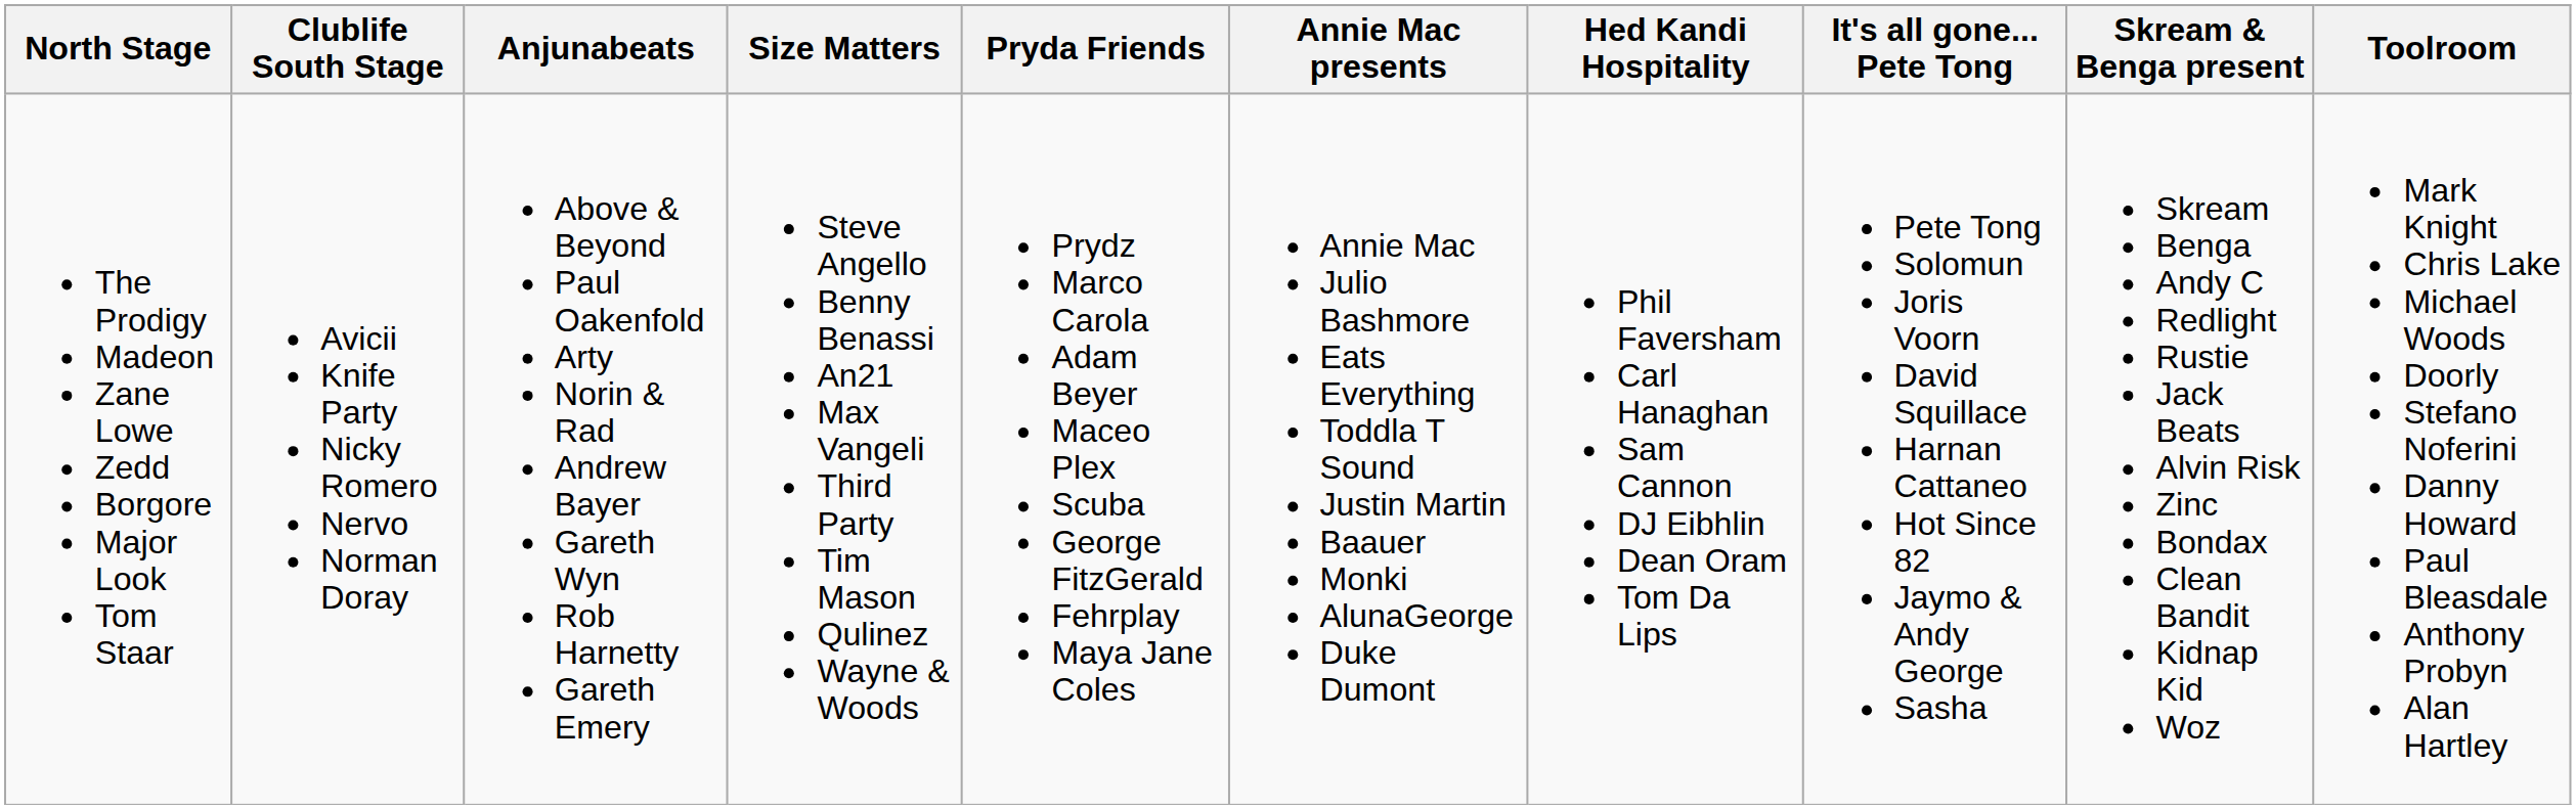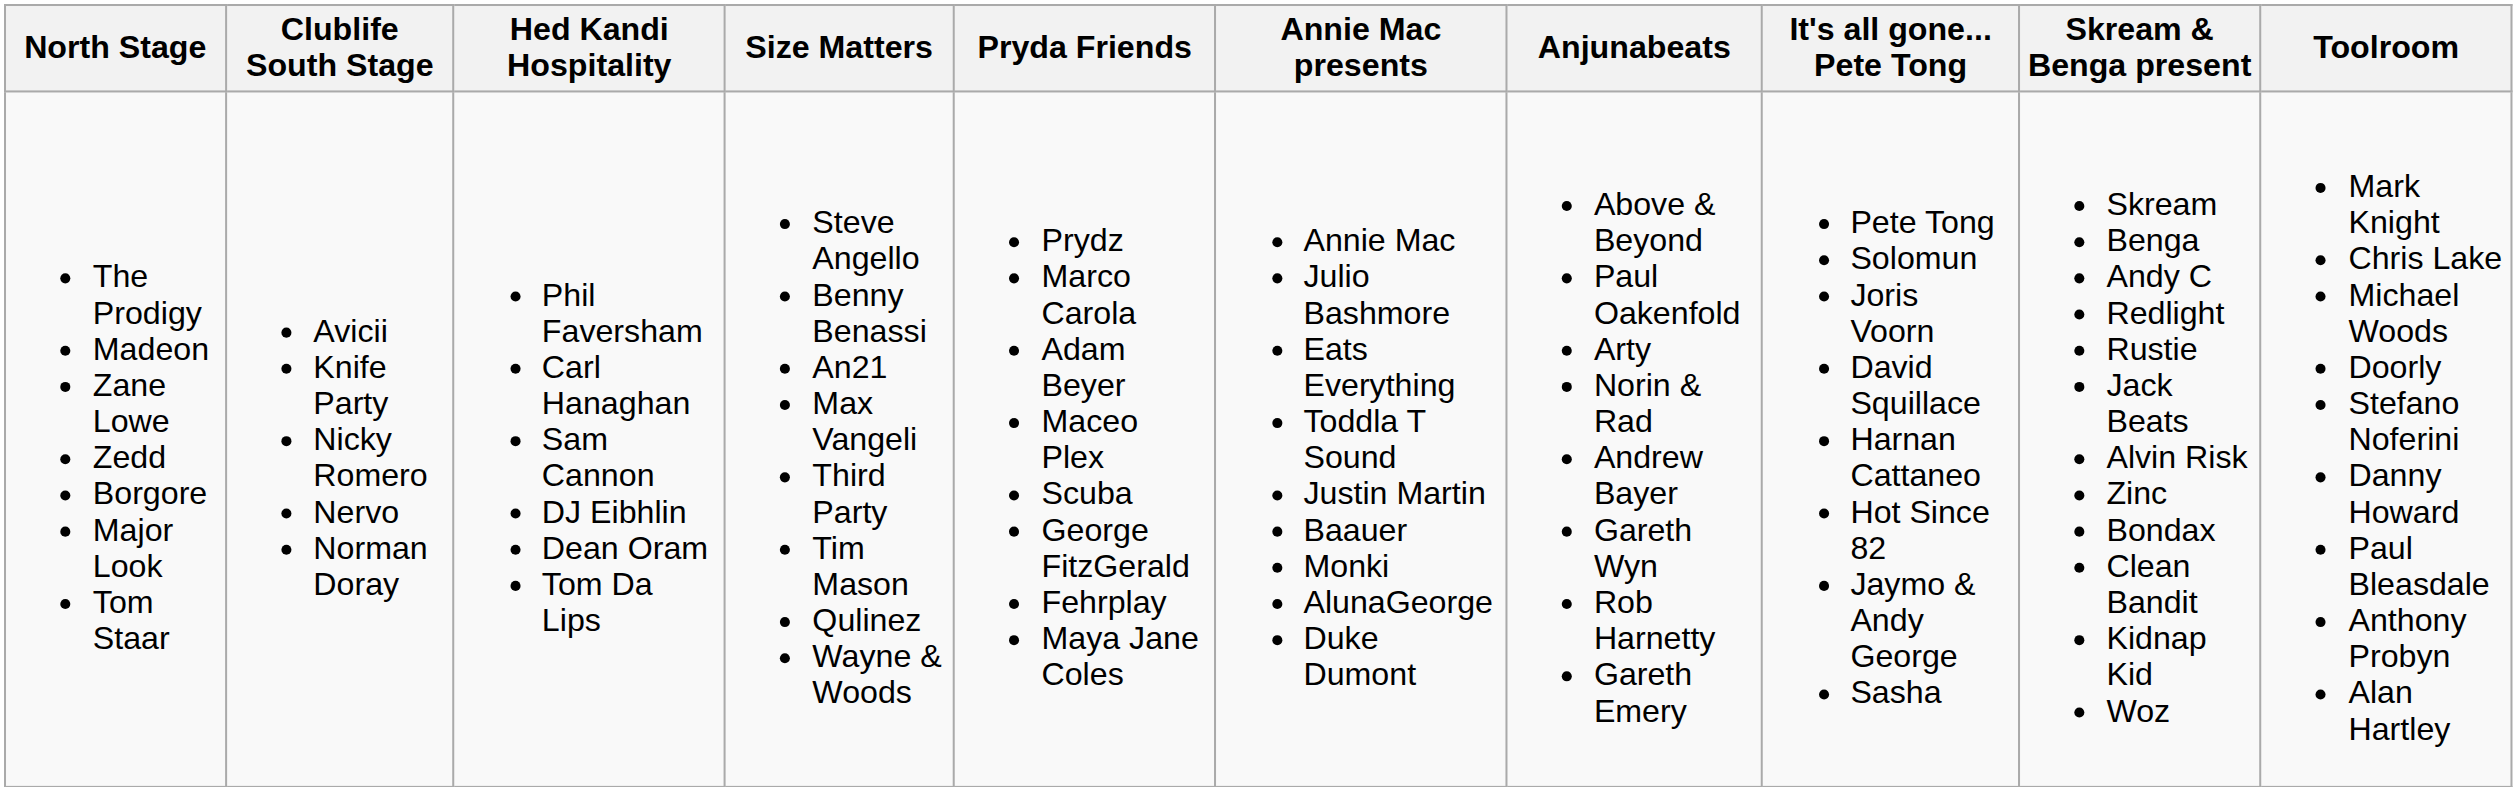 <table class="wikitable">
 <tr>
 <th>North Stage</th>
 <th>Clublife South Stage</th>
-<th>Anjunabeats</th>
+<th>Hed Kandi Hospitality</th>
 <th>Size Matters</th>
 <th>Pryda Friends</th>
 <th>Annie Mac presents</th>
-<th>Hed Kandi Hospitality</th>
+<th>Anjunabeats</th>
 <th>It's all gone... Pete Tong</th>
 <th>Skream & Benga present</th>
 <th>Toolroom</th>
 </tr>
 <tr>
 <td><br><ul><li>The Prodigy</li><li>Madeon</li><li>Zane Lowe</li><li>Zedd</li><li>Borgore</li><li>Major Look</li><li>Tom Staar</li></ul></td>
 <td><br><ul><li>Avicii</li><li>Knife Party</li><li>Nicky Romero</li><li>Nervo</li><li>Norman Doray</li></ul></td>
-<td><br><ul><li>Above & Beyond</li><li>Paul Oakenfold</li><li>Arty</li><li>Norin & Rad</li><li>Andrew Bayer</li><li>Gareth Wyn</li><li>Rob Harnetty</li><li>Gareth Emery</li></ul></td>
+<td><br><ul><li>Phil Faversham</li><li>Carl Hanaghan</li><li>Sam Cannon</li><li>DJ Eibhlin</li><li>Dean Oram</li><li>Tom Da Lips</li></ul></td>
 <td><br><ul><li>Steve Angello</li><li>Benny Benassi</li><li>An21</li><li>Max Vangeli</li><li>Third Party</li><li>Tim Mason</li><li>Qulinez</li><li>Wayne & Woods</li></ul></td>
 <td><br><ul><li>Prydz</li><li>Marco Carola</li><li>Adam Beyer</li><li>Maceo Plex</li><li>Scuba</li><li>George FitzGerald</li><li>Fehrplay</li><li>Maya Jane Coles</li></ul></td>
 <td><br><ul><li>Annie Mac</li><li>Julio Bashmore</li><li>Eats Everything</li><li>Toddla T Sound</li><li>Justin Martin</li><li>Baauer</li><li>Monki</li><li>AlunaGeorge</li><li>Duke Dumont</li></ul></td>
-<td><br><ul><li>Phil Faversham</li><li>Carl Hanaghan</li><li>Sam Cannon</li><li>DJ Eibhlin</li><li>Dean Oram</li><li>Tom Da Lips</li></ul></td>
+<td><br><ul><li>Above & Beyond</li><li>Paul Oakenfold</li><li>Arty</li><li>Norin & Rad</li><li>Andrew Bayer</li><li>Gareth Wyn</li><li>Rob Harnetty</li><li>Gareth Emery</li></ul></td>
 <td><br><ul><li>Pete Tong</li><li>Solomun</li><li>Joris Voorn</li><li>David Squillace</li><li>Harnan Cattaneo</li><li>Hot Since 82</li><li>Jaymo & Andy George</li><li>Sasha</li></ul></td>
 <td><br><ul><li>Skream</li><li>Benga</li><li>Andy C</li><li>Redlight</li><li>Rustie</li><li>Jack Beats</li><li>Alvin Risk</li><li>Zinc</li><li>Bondax</li><li>Clean Bandit</li><li>Kidnap Kid</li><li>Woz</li></ul></td>
 <td><br><ul><li>Mark Knight</li><li>Chris Lake</li><li>Michael Woods</li><li>Doorly</li><li>Stefano Noferini</li><li>Danny Howard</li><li>Paul Bleasdale</li><li>Anthony Probyn</li><li>Alan Hartley</li></ul></td>
 </tr>
 </table>
